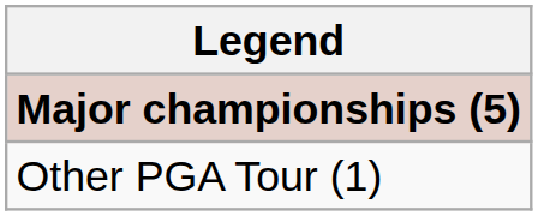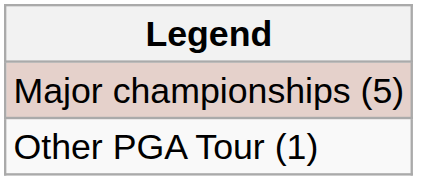 <table class="wikitable" style="font-size:95%;">
 <tr>
 <th>Legend</th>
 </tr>
 <tr style="background:#e5d1cb;">
-<td><strong>Major championships (5)</strong></td>
+<td>Major championships (5)</td>
 </tr>
 <tr>
 <td>Other PGA Tour (1)</td>
 </tr>
 </table>
